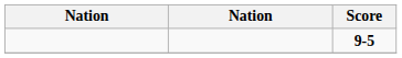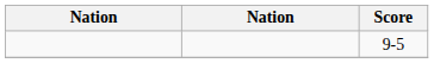 <table class=wikitable style=text-align:center>
 <tr>
 <th width=165>Nation</th>
 <th width=165>Nation</th>
 <th width=60>Score</th>
 </tr>
 <tr>
 <td style=text-align:left></td>
 <td style=text-align:left></td>
-<td><strong>9-5</strong></td>
+<td>9-5</td>
 </tr>
 <tr>
 </tr>
 </table>
